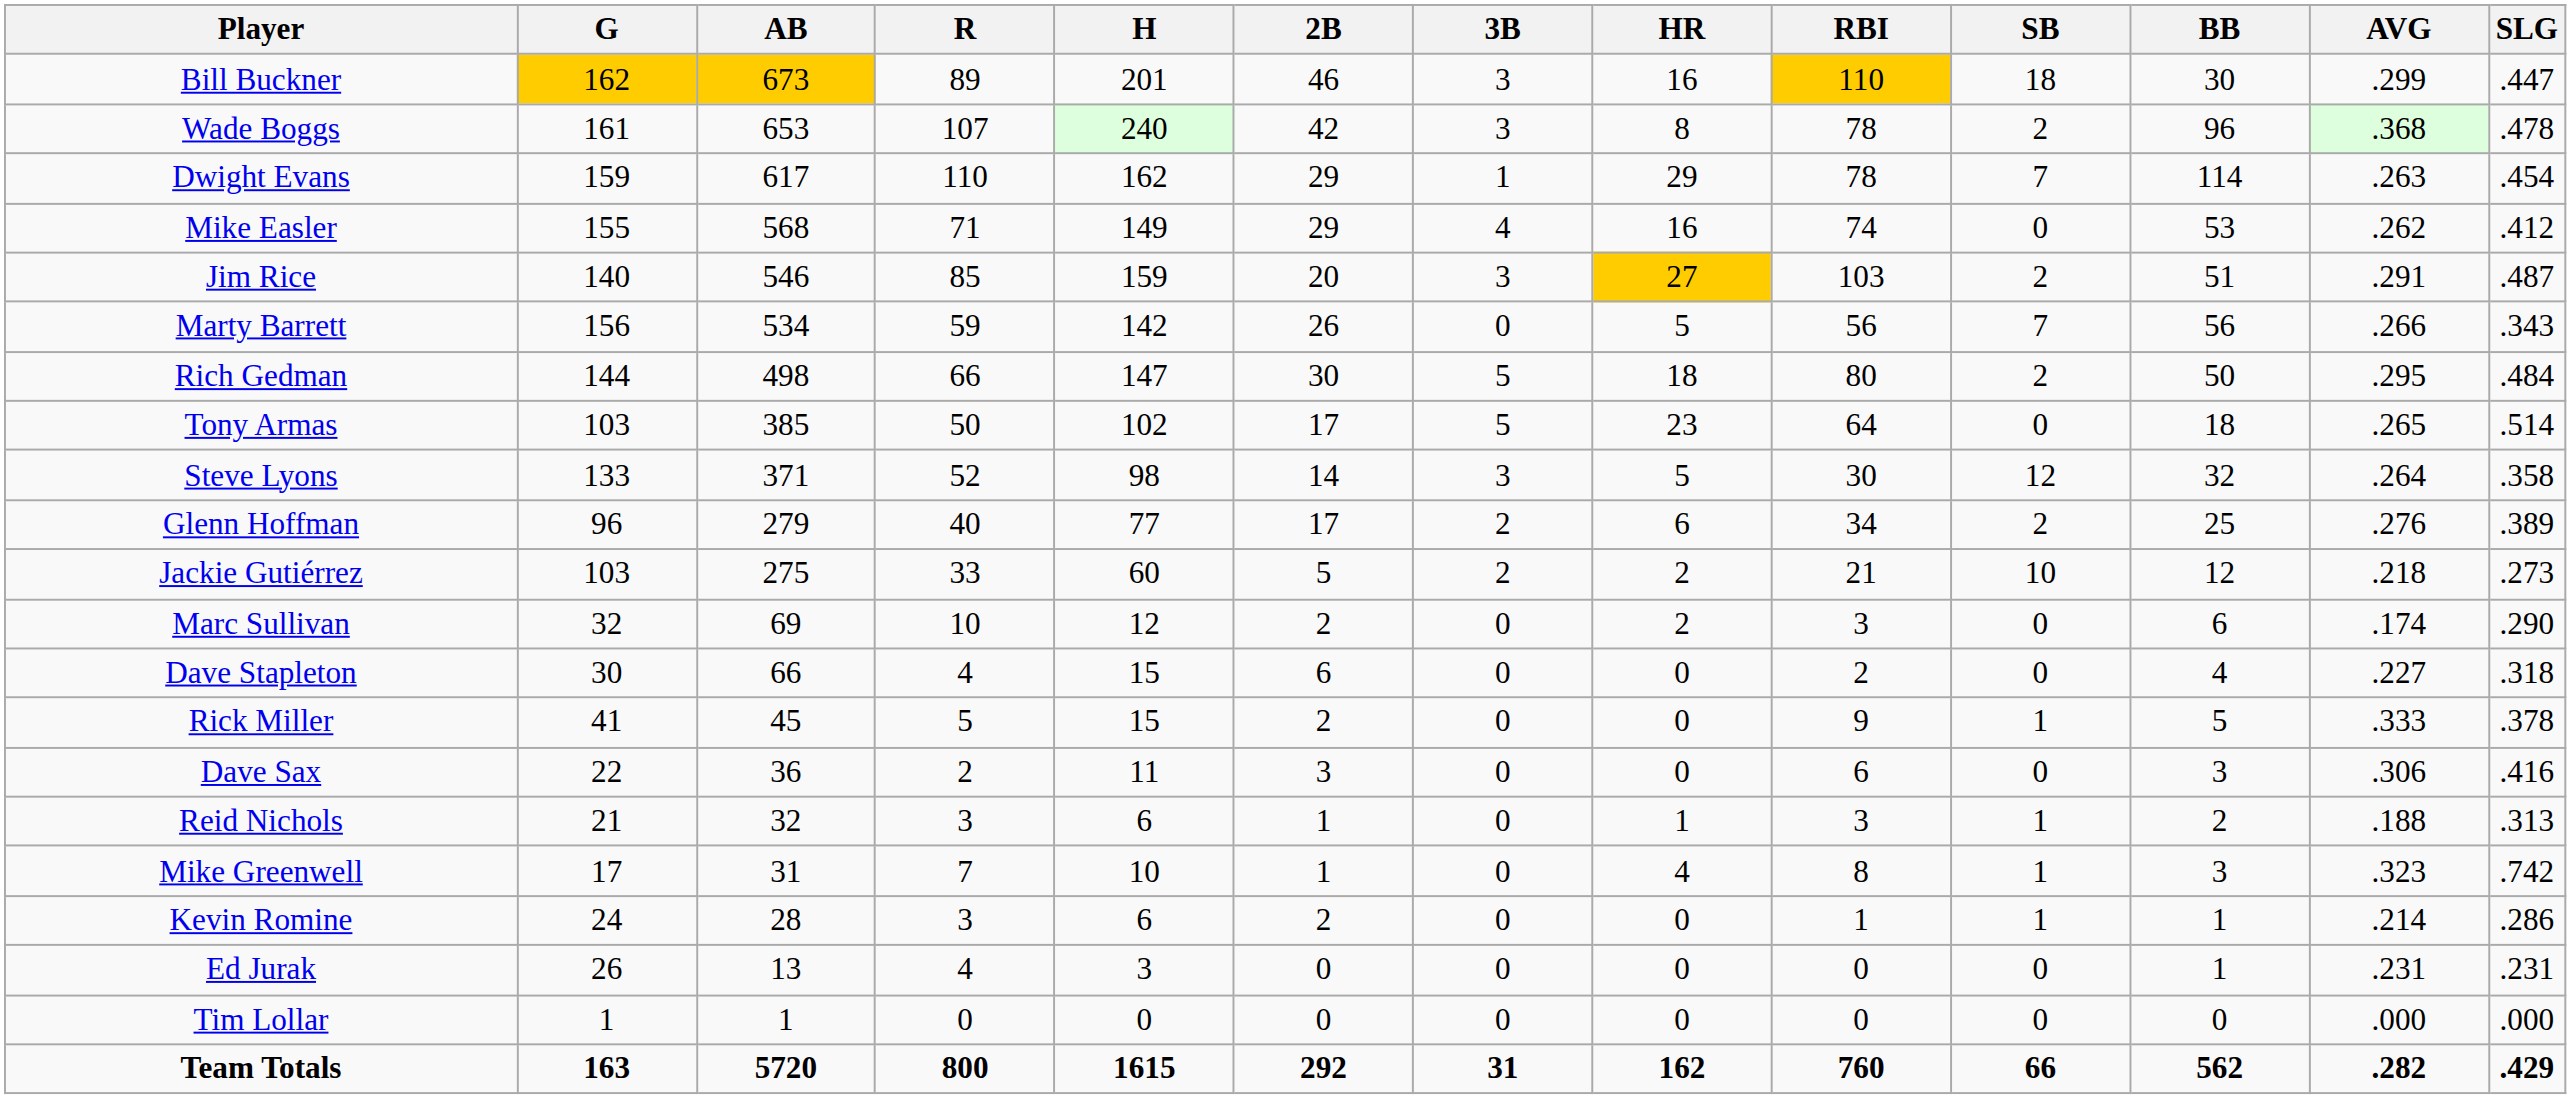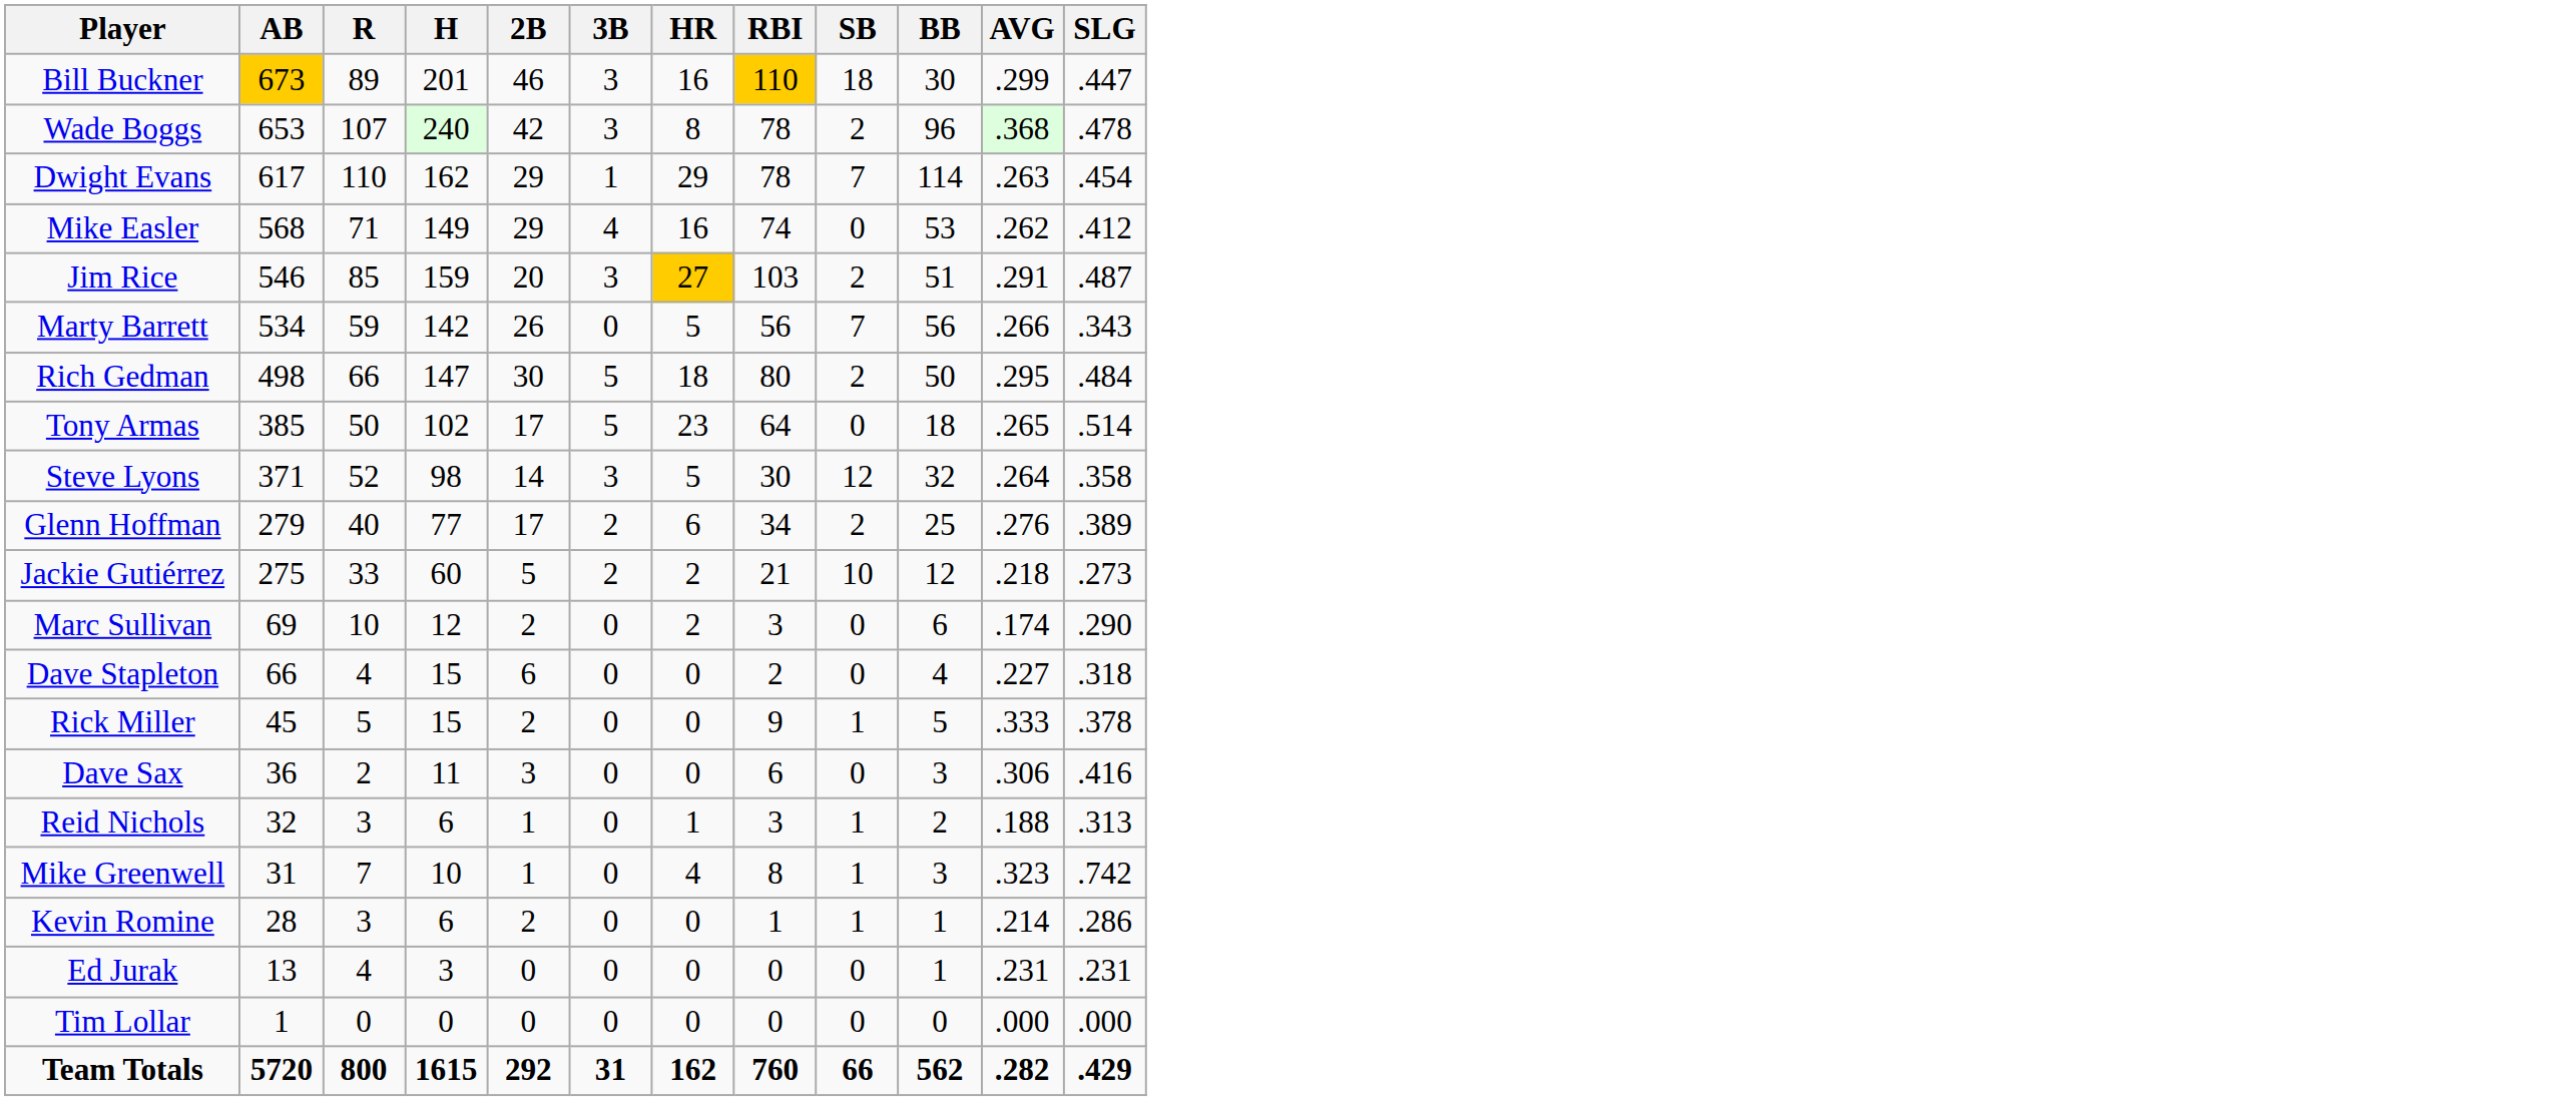 <table class=wikitable style="text-align:center">
 <tr>
 <th bgcolor=#DDDDFF; width="20%">Player</th>
-<th bgcolor=#DDDDFF; width="7%">G</th>
 <th bgcolor=#DDDDFF; width="7%">AB</th>
 <th bgcolor=#DDDDFF; width="7%">R</th>
 <th bgcolor=#DDDDFF; width="7%">H</th>
 <th bgcolor=#DDDDFF; width="7%">2B</th>
 <th bgcolor=#DDDDFF; width="7%">3B</th>
 <th bgcolor=#DDDDFF; width="7%">HR</th>
 <th bgcolor=#DDDDFF; width="7%">RBI</th>
 <th bgcolor=#DDDDFF; width="7%">SB</th>
 <th bgcolor=#DDDDFF; width="7%">BB</th>
 <th bgcolor=#DDDDFF; width="7%">AVG</th>
 <th bgcolor=#DDDDFF; width="7%">SLG</th>
 </tr>
 <tr>
 <td><a href='#'>Bill Buckner</a></td>
-<td style="background:#fc0;">162</td>
 <td style="background:#fc0;">673</td>
 <td>89</td>
 <td>201</td>
 <td>46</td>
 <td>3</td>
 <td>16</td>
 <td style="background:#fc0;">110</td>
 <td>18</td>
 <td>30</td>
 <td>.299</td>
 <td>.447</td>
 </tr>
 <tr>
 <td><a href='#'>Wade Boggs</a></td>
-<td>161</td>
 <td>653</td>
 <td>107</td>
 <td style="background:#DDFFDD;">240</td>
 <td>42</td>
 <td>3</td>
 <td>8</td>
 <td>78</td>
 <td>2</td>
 <td>96</td>
 <td style="background:#DDFFDD;">.368</td>
 <td>.478</td>
 </tr>
 <tr>
 <td><a href='#'>Dwight Evans</a></td>
-<td>159</td>
 <td>617</td>
 <td>110</td>
 <td>162</td>
 <td>29</td>
 <td>1</td>
 <td>29</td>
 <td>78</td>
 <td>7</td>
 <td>114</td>
 <td>.263</td>
 <td>.454</td>
 </tr>
 <tr>
 <td><a href='#'>Mike Easler</a></td>
-<td>155</td>
 <td>568</td>
 <td>71</td>
 <td>149</td>
 <td>29</td>
 <td>4</td>
 <td>16</td>
 <td>74</td>
 <td>0</td>
 <td>53</td>
 <td>.262</td>
 <td>.412</td>
 </tr>
 <tr>
 <td><a href='#'>Jim Rice</a></td>
-<td>140</td>
 <td>546</td>
 <td>85</td>
 <td>159</td>
 <td>20</td>
 <td>3</td>
 <td style="background:#fc0;">27</td>
 <td>103</td>
 <td>2</td>
 <td>51</td>
 <td>.291</td>
 <td>.487</td>
 </tr>
 <tr>
 <td><a href='#'>Marty Barrett</a></td>
-<td>156</td>
 <td>534</td>
 <td>59</td>
 <td>142</td>
 <td>26</td>
 <td>0</td>
 <td>5</td>
 <td>56</td>
 <td>7</td>
 <td>56</td>
 <td>.266</td>
 <td>.343</td>
 </tr>
 <tr>
 <td><a href='#'>Rich Gedman</a></td>
-<td>144</td>
 <td>498</td>
 <td>66</td>
 <td>147</td>
 <td>30</td>
 <td>5</td>
 <td>18</td>
 <td>80</td>
 <td>2</td>
 <td>50</td>
 <td>.295</td>
 <td>.484</td>
 </tr>
 <tr>
 <td><a href='#'>Tony Armas</a></td>
-<td>103</td>
 <td>385</td>
 <td>50</td>
 <td>102</td>
 <td>17</td>
 <td>5</td>
 <td>23</td>
 <td>64</td>
 <td>0</td>
 <td>18</td>
 <td>.265</td>
 <td>.514</td>
 </tr>
 <tr>
 <td><a href='#'>Steve Lyons</a></td>
-<td>133</td>
 <td>371</td>
 <td>52</td>
 <td>98</td>
 <td>14</td>
 <td>3</td>
 <td>5</td>
 <td>30</td>
 <td>12</td>
 <td>32</td>
 <td>.264</td>
 <td>.358</td>
 </tr>
 <tr>
 <td><a href='#'>Glenn Hoffman</a></td>
-<td>96</td>
 <td>279</td>
 <td>40</td>
 <td>77</td>
 <td>17</td>
 <td>2</td>
 <td>6</td>
 <td>34</td>
 <td>2</td>
 <td>25</td>
 <td>.276</td>
 <td>.389</td>
 </tr>
 <tr>
 <td><a href='#'>Jackie Gutiérrez</a></td>
-<td>103</td>
 <td>275</td>
 <td>33</td>
 <td>60</td>
 <td>5</td>
 <td>2</td>
 <td>2</td>
 <td>21</td>
 <td>10</td>
 <td>12</td>
 <td>.218</td>
 <td>.273</td>
 </tr>
 <tr>
 <td><a href='#'>Marc Sullivan</a></td>
-<td>32</td>
 <td>69</td>
 <td>10</td>
 <td>12</td>
 <td>2</td>
 <td>0</td>
 <td>2</td>
 <td>3</td>
 <td>0</td>
 <td>6</td>
 <td>.174</td>
 <td>.290</td>
 </tr>
 <tr>
 <td><a href='#'>Dave Stapleton</a></td>
-<td>30</td>
 <td>66</td>
 <td>4</td>
 <td>15</td>
 <td>6</td>
 <td>0</td>
 <td>0</td>
 <td>2</td>
 <td>0</td>
 <td>4</td>
 <td>.227</td>
 <td>.318</td>
 </tr>
 <tr>
 <td><a href='#'>Rick Miller</a></td>
-<td>41</td>
 <td>45</td>
 <td>5</td>
 <td>15</td>
 <td>2</td>
 <td>0</td>
 <td>0</td>
 <td>9</td>
 <td>1</td>
 <td>5</td>
 <td>.333</td>
 <td>.378</td>
 </tr>
 <tr>
 <td><a href='#'>Dave Sax</a></td>
-<td>22</td>
 <td>36</td>
 <td>2</td>
 <td>11</td>
 <td>3</td>
 <td>0</td>
 <td>0</td>
 <td>6</td>
 <td>0</td>
 <td>3</td>
 <td>.306</td>
 <td>.416</td>
 </tr>
 <tr>
 <td><a href='#'>Reid Nichols</a></td>
-<td>21</td>
 <td>32</td>
 <td>3</td>
 <td>6</td>
 <td>1</td>
 <td>0</td>
 <td>1</td>
 <td>3</td>
 <td>1</td>
 <td>2</td>
 <td>.188</td>
 <td>.313</td>
 </tr>
 <tr>
 <td><a href='#'>Mike Greenwell</a></td>
-<td>17</td>
 <td>31</td>
 <td>7</td>
 <td>10</td>
 <td>1</td>
 <td>0</td>
 <td>4</td>
 <td>8</td>
 <td>1</td>
 <td>3</td>
 <td>.323</td>
 <td>.742</td>
 </tr>
 <tr>
 <td><a href='#'>Kevin Romine</a></td>
-<td>24</td>
 <td>28</td>
 <td>3</td>
 <td>6</td>
 <td>2</td>
 <td>0</td>
 <td>0</td>
 <td>1</td>
 <td>1</td>
 <td>1</td>
 <td>.214</td>
 <td>.286</td>
 </tr>
 <tr>
 <td><a href='#'>Ed Jurak</a></td>
-<td>26</td>
 <td>13</td>
 <td>4</td>
 <td>3</td>
 <td>0</td>
 <td>0</td>
 <td>0</td>
 <td>0</td>
 <td>0</td>
 <td>1</td>
 <td>.231</td>
 <td>.231</td>
 </tr>
 <tr>
 <td><a href='#'>Tim Lollar</a></td>
 <td>1</td>
-<td>1</td>
 <td>0</td>
 <td>0</td>
 <td>0</td>
 <td>0</td>
 <td>0</td>
 <td>0</td>
 <td>0</td>
 <td>0</td>
 <td>.000</td>
 <td>.000</td>
 </tr>
 <tr>
 <td><strong>Team Totals</strong></td>
-<td><strong>163</strong></td>
 <td><strong>5720</strong></td>
 <td><strong>800</strong></td>
 <td><strong>1615</strong></td>
 <td><strong>292</strong></td>
 <td><strong>31</strong></td>
 <td><strong>162</strong></td>
 <td><strong>760</strong></td>
 <td><strong>66</strong></td>
 <td><strong>562</strong></td>
 <td><strong>.282</strong></td>
 <td><strong>.429</strong></td>
 </tr>
 </table>
